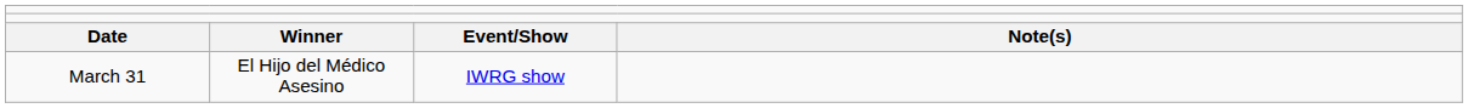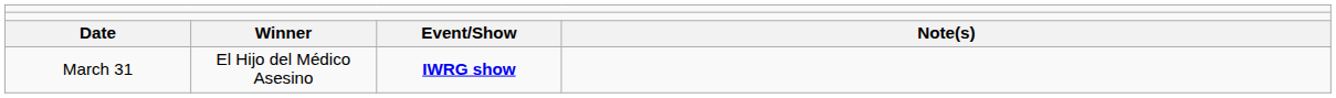 <table class="wikitable" style="text-align:center; width:100%;">
 <tr>
 <td colspan="4"></td>
 </tr>
 <tr>
 <td colspan="4"><strong></strong></td>
 </tr>
 <tr>
 <th width=14%>Date</th>
 <th width=14%>Winner</th>
 <th width=14%>Event/Show</th>
 <th width=58%>Note(s)</th>
 </tr>
 <tr>
 <td>March 31</td>
 <td>El Hijo del Médico Asesino</td>
-<td><a href='#'>IWRG show</a></td>
+<td><strong><a href='#'>IWRG show</a></strong></td>
 <td></td>
 </tr>
 </table>
